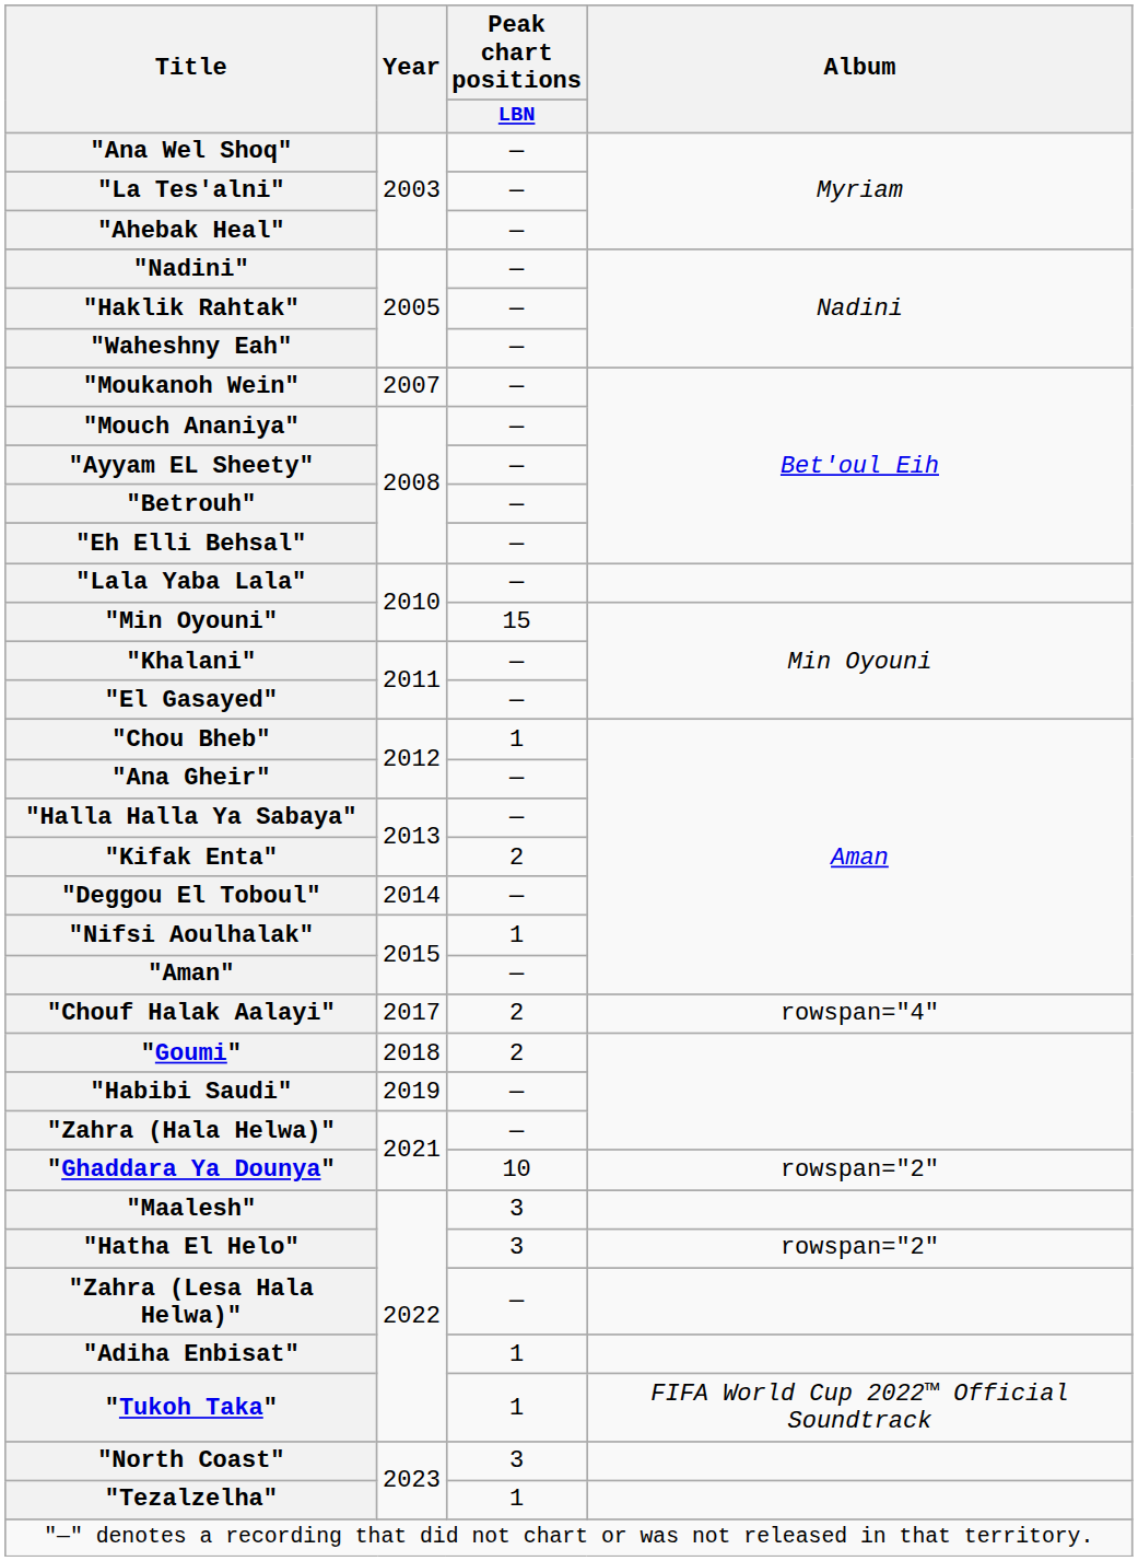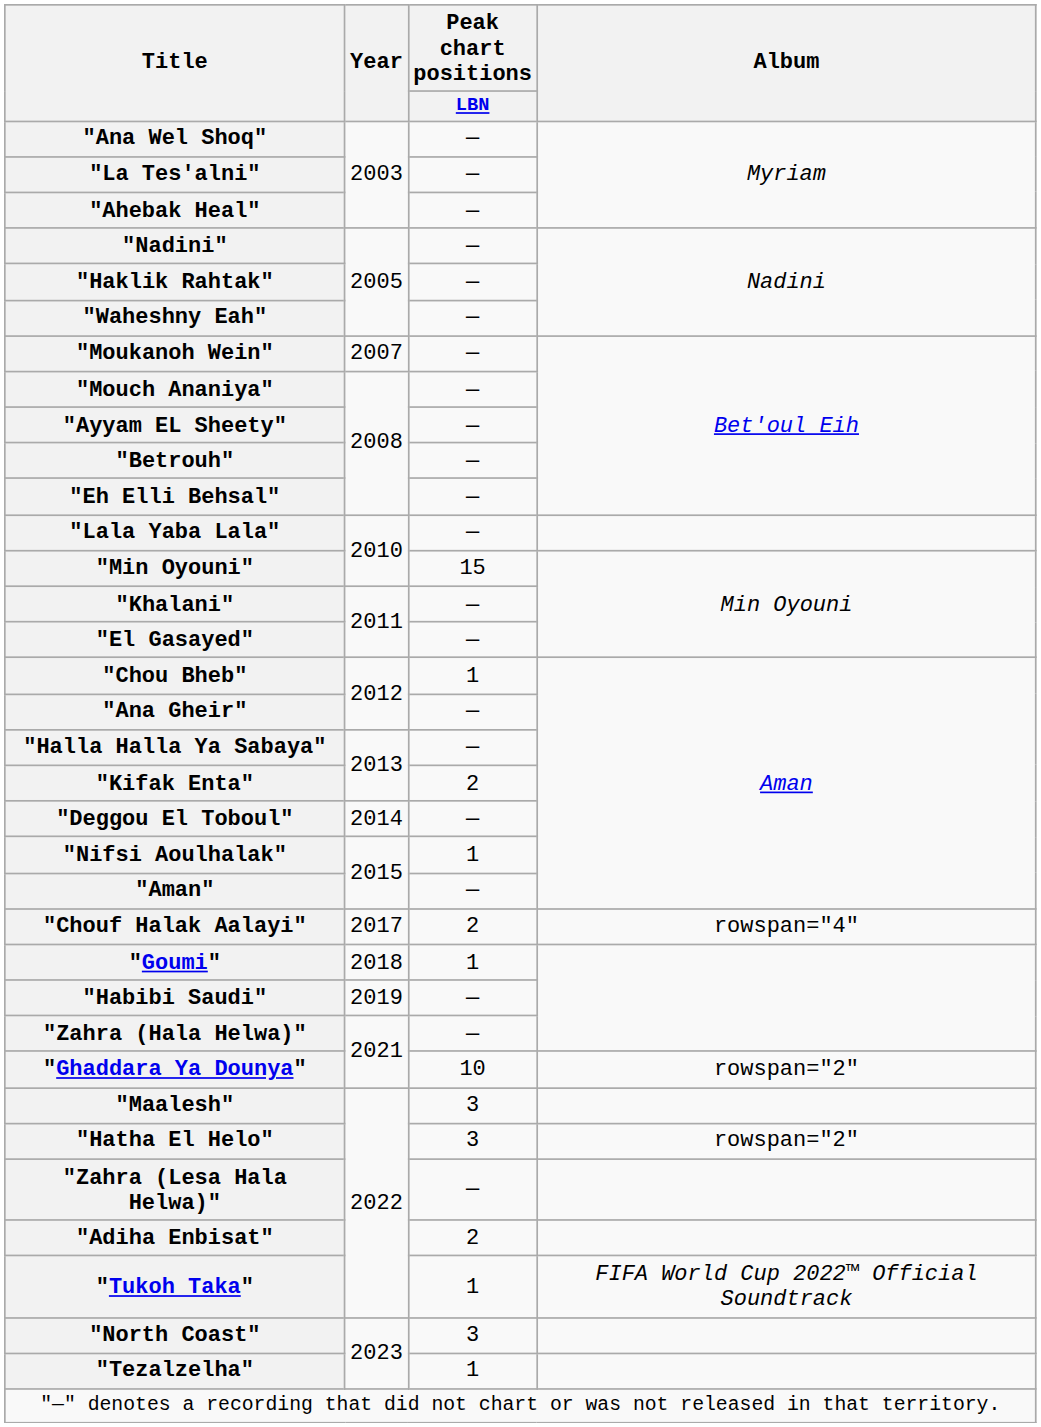 <table class="wikitable plainrowheaders" style="text-align:center;">
 <tr>
 <th scope="col" rowspan="2" style="width:15em;">Title</th>
 <th scope="col" rowspan="2" style="width:1em;">Year</th>
 <th>Peak chart positions</th>
 <th scope="col" rowspan="2">Album</th>
 </tr>
 <tr>
 <th scope="col" style="width:3em;font-size:85%;"><a href='#'>LBN</a><br></th>
 </tr>
 <tr>
 <th scope="row">"Ana Wel Shoq"</th>
 <td rowspan="3">2003</td>
 <td>—</td>
 <td rowspan="3"><em>Myriam</em></td>
 </tr>
 <tr>
 <th scope="row">"La Tes'alni"</th>
 <td>—</td>
 </tr>
 <tr>
 <th scope="row">"Ahebak Heal"</th>
 <td>—</td>
 </tr>
 <tr>
 <th scope="row">"Nadini"</th>
 <td rowspan="3">2005</td>
 <td>—</td>
 <td rowspan="3"><em>Nadini</em></td>
 </tr>
 <tr>
 <th scope="row">"Haklik Rahtak"</th>
 <td>—</td>
 </tr>
 <tr>
 <th scope="row">"Waheshny Eah"</th>
 <td>—</td>
 </tr>
 <tr>
 <th scope="row">"Moukanoh Wein"</th>
 <td>2007</td>
 <td>—</td>
 <td rowspan="5"><em><a href='#'>Bet'oul Eih</a></em></td>
 </tr>
 <tr>
 <th scope="row">"Mouch Ananiya"</th>
 <td rowspan="4">2008</td>
 <td>—</td>
 </tr>
 <tr>
 <th scope="row">"Ayyam EL Sheety"</th>
 <td>—</td>
 </tr>
 <tr>
 <th scope="row">"Betrouh"</th>
 <td>—</td>
 </tr>
 <tr>
 <th scope="row">"Eh Elli Behsal"</th>
 <td>—</td>
 </tr>
 <tr>
 <th scope="row">"Lala Yaba Lala"</th>
 <td rowspan="2">2010</td>
 <td>—</td>
 <td></td>
 </tr>
 <tr>
 <th scope="row">"Min Oyouni"</th>
 <td>15</td>
 <td rowspan="3"><em>Min Oyouni</em></td>
 </tr>
 <tr>
 <th scope="row">"Khalani"</th>
 <td rowspan="2">2011</td>
 <td>—</td>
 </tr>
 <tr>
 <th scope="row">"El Gasayed"</th>
 <td>—</td>
 </tr>
 <tr>
 <th scope="row">"Chou Bheb"</th>
 <td rowspan="2">2012</td>
 <td>1</td>
 <td rowspan="7"><em><a href='#'>Aman</a></em></td>
 </tr>
 <tr>
 <th scope="row">"Ana Gheir"</th>
 <td>—</td>
 </tr>
 <tr>
 <th scope="row">"Halla Halla Ya Sabaya"</th>
 <td rowspan="2">2013</td>
 <td>—</td>
 </tr>
 <tr>
 <th scope="row">"Kifak Enta"</th>
 <td>2</td>
 </tr>
 <tr>
 <th scope="row">"Deggou El Toboul"</th>
 <td>2014</td>
 <td>—</td>
 </tr>
 <tr>
 <th scope="row">"Nifsi Aoulhalak"</th>
 <td rowspan="2">2015</td>
 <td>1</td>
 </tr>
 <tr>
 <th scope="row">"Aman"</th>
 <td>—</td>
 </tr>
 <tr>
 <th scope="row">"Chouf Halak Aalayi"</th>
 <td>2017</td>
 <td>2</td>
 <td>rowspan="4" </td>
 </tr>
 <tr>
 <th scope="row">"<a href='#'>Goumi</a>"</th>
 <td>2018</td>
-<td>2</td>
+<td>1</td>
 </tr>
 <tr>
 <th scope="row">"Habibi Saudi"</th>
 <td>2019</td>
 <td>—</td>
 </tr>
 <tr>
 <th scope="row">"Zahra (Hala Helwa)" </th>
 <td rowspan="2">2021</td>
 <td>—</td>
 </tr>
 <tr>
 <th scope="row">"<a href='#'>Ghaddara Ya Dounya</a>"</th>
 <td>10</td>
 <td>rowspan="2" </td>
 </tr>
 <tr>
 <th scope="row">"Maalesh"</th>
 <td rowspan="5">2022</td>
 <td>3</td>
 </tr>
 <tr>
 <th scope="row">"Hatha El Helo"</th>
 <td>3</td>
 <td>rowspan="2" </td>
 </tr>
 <tr>
 <th scope="row">"Zahra (Lesa Hala Helwa)" </th>
 <td>—</td>
 </tr>
 <tr>
 <th scope="row">"Adiha Enbisat"</th>
-<td>1</td>
+<td>2</td>
 <td></td>
 </tr>
 <tr>
 <th scope="row">"<a href='#'>Tukoh Taka</a>" </th>
 <td>1</td>
 <td><em>FIFA World Cup 2022™ Official Soundtrack</em></td>
 </tr>
 <tr>
 <th scope="row">"North Coast" </th>
 <td rowspan=2>2023</td>
 <td>3</td>
 <td></td>
 </tr>
 <tr>
 <th scope="row">"Tezalzelha"</th>
 <td>1</td>
 <td></td>
 </tr>
 <tr>
 <td colspan="4" style="font-size:90%">"—" denotes a recording that did not chart or was not released in that territory.</td>
 </tr>
 </table>
